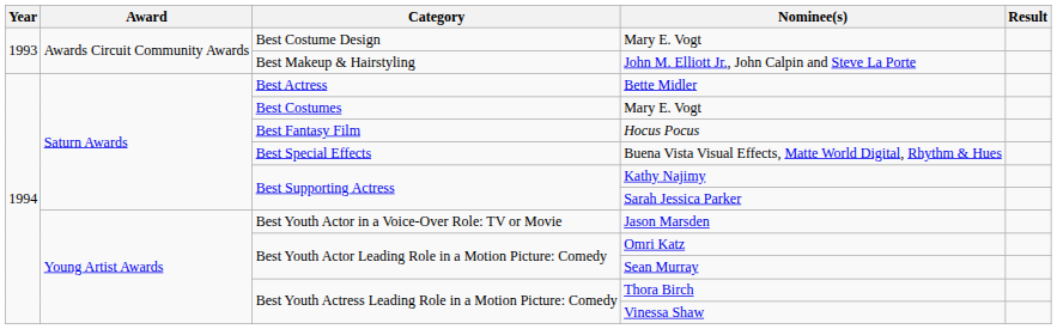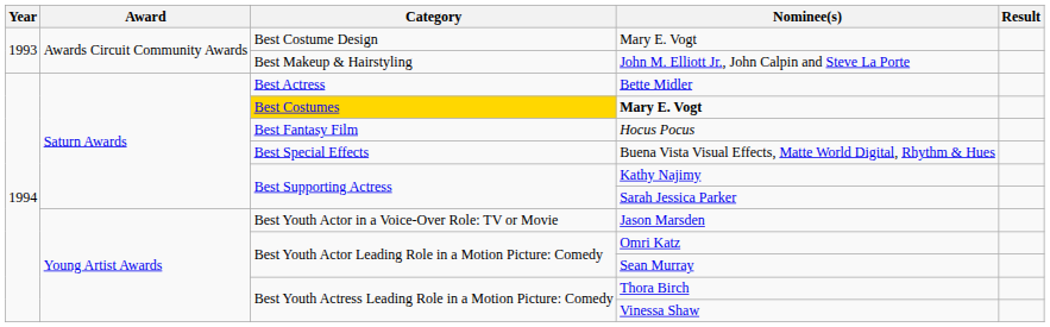 <table class="wikitable sortable" style="white-space:nowrap;">
 <tr>
 <th>Year</th>
 <th>Award</th>
 <th>Category</th>
 <th>Nominee(s)</th>
 <th>Result</th>
 </tr>
 <tr>
 <td rowspan="2">1993</td>
 <td rowspan="2">Awards Circuit Community Awards</td>
 <td>Best Costume Design</td>
 <td>Mary E. Vogt</td>
 <td></td>
 </tr>
 <tr>
 <td>Best Makeup & Hairstyling</td>
 <td><a href='#'>John M. Elliott Jr.</a>, John Calpin and <a href='#'>Steve La Porte</a></td>
 <td></td>
 </tr>
 <tr>
 <td rowspan="11">1994</td>
 <td rowspan="6"><a href='#'>Saturn Awards</a></td>
 <td><a href='#'>Best Actress</a></td>
 <td><a href='#'>Bette Midler</a></td>
 <td></td>
 </tr>
 <tr>
-<td><a href='#'>Best Costumes</a></td>
-<td>Mary E. Vogt</td>
+<td style="background: gold;"><a href='#'>Best Costumes</a></td>
+<td><strong>Mary E. Vogt</strong></td>
 <td></td>
 </tr>
 <tr>
 <td><a href='#'>Best Fantasy Film</a></td>
 <td><em>Hocus Pocus</em></td>
 <td></td>
 </tr>
 <tr>
 <td><a href='#'>Best Special Effects</a></td>
 <td>Buena Vista Visual Effects, <a href='#'>Matte World Digital</a>, <a href='#'>Rhythm & Hues</a></td>
 <td></td>
 </tr>
 <tr>
 <td rowspan="2"><a href='#'>Best Supporting Actress</a></td>
 <td><a href='#'>Kathy Najimy</a></td>
 <td></td>
 </tr>
 <tr>
 <td><a href='#'>Sarah Jessica Parker</a></td>
 <td></td>
 </tr>
 <tr>
 <td rowspan="5"><a href='#'>Young Artist Awards</a></td>
 <td>Best Youth Actor in a Voice-Over Role: TV or Movie</td>
 <td><a href='#'>Jason Marsden</a></td>
 <td></td>
 </tr>
 <tr>
 <td rowspan="2">Best Youth Actor Leading Role in a Motion Picture: Comedy</td>
 <td><a href='#'>Omri Katz</a></td>
 <td></td>
 </tr>
 <tr>
 <td><a href='#'>Sean Murray</a></td>
 <td></td>
 </tr>
 <tr>
 <td rowspan="2">Best Youth Actress Leading Role in a Motion Picture: Comedy</td>
 <td><a href='#'>Thora Birch</a> </td>
 <td></td>
 </tr>
 <tr>
 <td><a href='#'>Vinessa Shaw</a></td>
 <td></td>
 </tr>
 </table>
